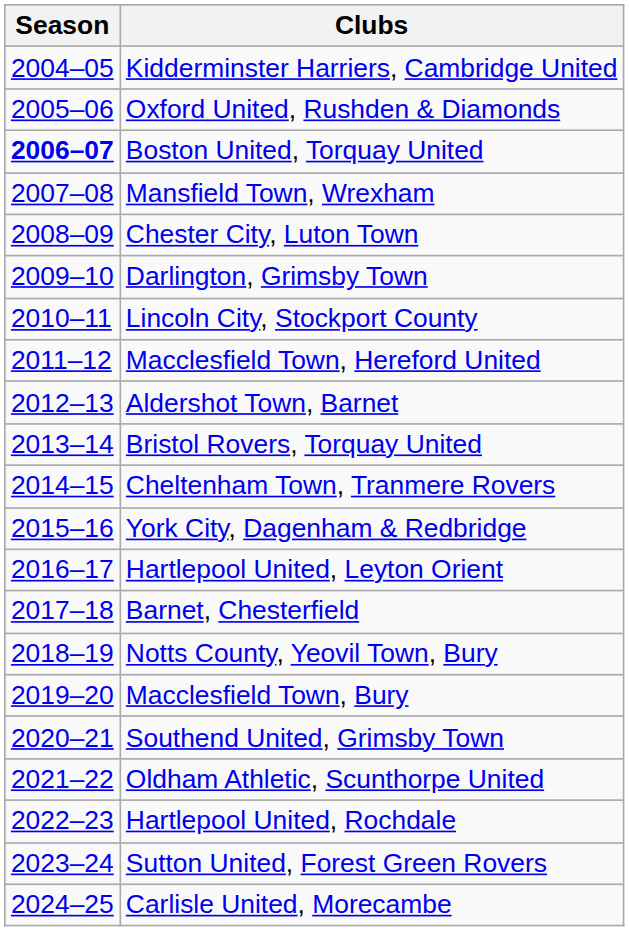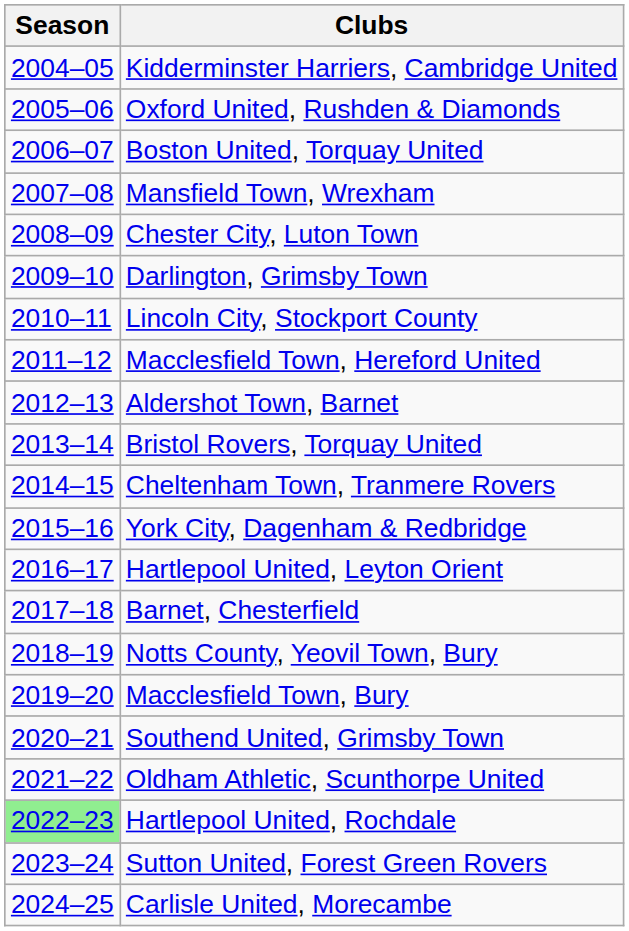 <table class="wikitable" style="text-align:left;">
 <tr>
 <th>Season</th>
 <th>Clubs</th>
 </tr>
 <tr>
 <td><a href='#'>2004–05</a></td>
 <td><a href='#'>Kidderminster Harriers</a>, <a href='#'>Cambridge United</a></td>
 </tr>
 <tr>
 <td><a href='#'>2005–06</a></td>
 <td><a href='#'>Oxford United</a>, <a href='#'>Rushden & Diamonds</a></td>
 </tr>
 <tr>
-<td><strong><a href='#'>2006–07</a></strong></td>
+<td><a href='#'>2006–07</a></td>
 <td><a href='#'>Boston United</a>, <a href='#'>Torquay United</a></td>
 </tr>
 <tr>
 <td><a href='#'>2007–08</a></td>
 <td><a href='#'>Mansfield Town</a>, <a href='#'>Wrexham</a></td>
 </tr>
 <tr>
 <td><a href='#'>2008–09</a></td>
 <td><a href='#'>Chester City</a>, <a href='#'>Luton Town</a></td>
 </tr>
 <tr>
 <td><a href='#'>2009–10</a></td>
 <td><a href='#'>Darlington</a>, <a href='#'>Grimsby Town</a></td>
 </tr>
 <tr>
 <td><a href='#'>2010–11</a></td>
 <td><a href='#'>Lincoln City</a>, <a href='#'>Stockport County</a></td>
 </tr>
 <tr>
 <td><a href='#'>2011–12</a></td>
 <td><a href='#'>Macclesfield Town</a>, <a href='#'>Hereford United</a></td>
 </tr>
 <tr>
 <td><a href='#'>2012–13</a></td>
 <td><a href='#'>Aldershot Town</a>, <a href='#'>Barnet</a></td>
 </tr>
 <tr>
 <td><a href='#'>2013–14</a></td>
 <td><a href='#'>Bristol Rovers</a>, <a href='#'>Torquay United</a></td>
 </tr>
 <tr>
 <td><a href='#'>2014–15</a></td>
 <td><a href='#'>Cheltenham Town</a>, <a href='#'>Tranmere Rovers</a></td>
 </tr>
 <tr>
 <td><a href='#'>2015–16</a></td>
 <td><a href='#'>York City</a>, <a href='#'>Dagenham & Redbridge</a></td>
 </tr>
 <tr>
 <td><a href='#'>2016–17</a></td>
 <td><a href='#'>Hartlepool United</a>, <a href='#'>Leyton Orient</a></td>
 </tr>
 <tr>
 <td><a href='#'>2017–18</a></td>
 <td><a href='#'>Barnet</a>, <a href='#'>Chesterfield</a></td>
 </tr>
 <tr>
 <td><a href='#'>2018–19</a></td>
 <td><a href='#'>Notts County</a>, <a href='#'>Yeovil Town</a>, <a href='#'>Bury</a></td>
 </tr>
 <tr>
 <td><a href='#'>2019–20</a></td>
 <td><a href='#'>Macclesfield Town</a>, <a href='#'>Bury</a></td>
 </tr>
 <tr>
 <td><a href='#'>2020–21</a></td>
 <td><a href='#'>Southend United</a>, <a href='#'>Grimsby Town</a></td>
 </tr>
 <tr>
 <td><a href='#'>2021–22</a></td>
 <td><a href='#'>Oldham Athletic</a>, <a href='#'>Scunthorpe United</a></td>
 </tr>
 <tr>
-<td><a href='#'>2022–23</a></td>
+<td style="background: lightgreen;"><a href='#'>2022–23</a></td>
 <td><a href='#'>Hartlepool United</a>, <a href='#'>Rochdale</a></td>
 </tr>
 <tr>
 <td><a href='#'>2023–24</a></td>
 <td><a href='#'>Sutton United</a>, <a href='#'>Forest Green Rovers</a></td>
 </tr>
 <tr>
 <td><a href='#'>2024–25</a></td>
 <td><a href='#'>Carlisle United</a>, <a href='#'>Morecambe</a></td>
 </tr>
 </table>
